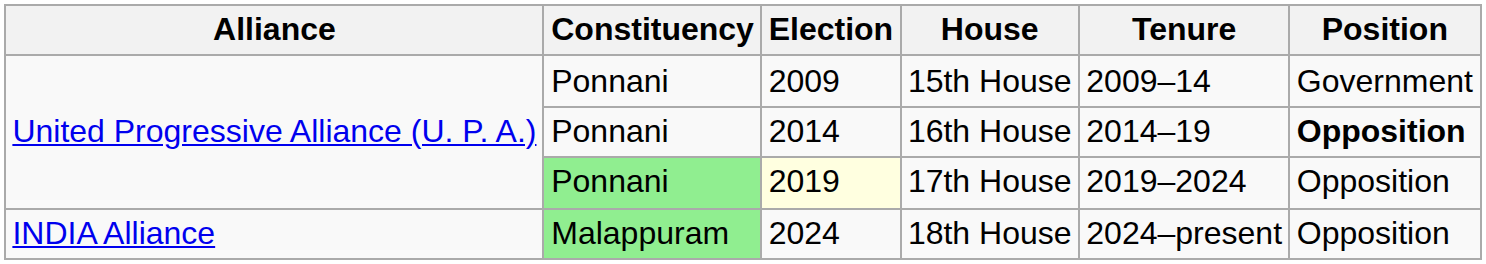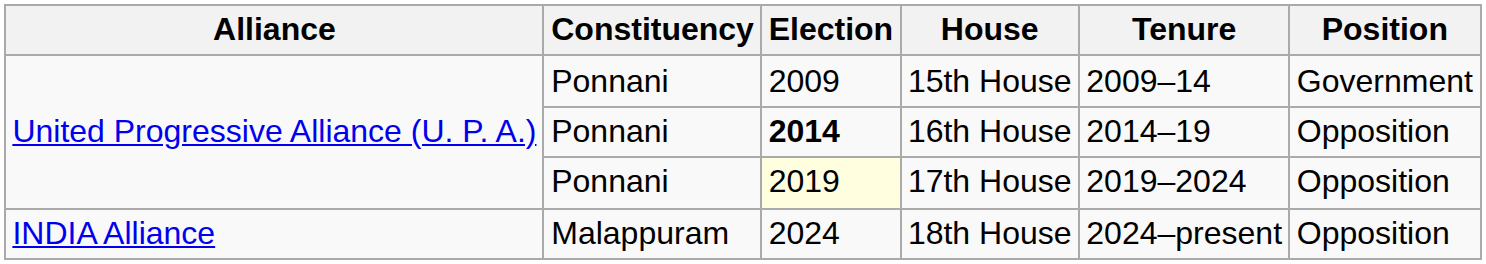 <table class="wikitable">
 <tr>
 <th>Alliance</th>
 <th>Constituency</th>
 <th>Election</th>
 <th><strong>House</strong></th>
 <th>Tenure</th>
 <th>Position</th>
 </tr>
 <tr>
 <td rowspan="3"><a href='#'>United Progressive Alliance (U. P. A.)</a></td>
 <td>Ponnani</td>
 <td>2009</td>
 <td>15th House</td>
 <td>2009–14</td>
 <td>Government</td>
 </tr>
 <tr>
 <td>Ponnani</td>
-<td>2014</td>
+<td><strong>2014</strong></td>
 <td>16th House</td>
 <td>2014–19</td>
-<td><strong>Opposition</strong></td>
+<td>Opposition</td>
 </tr>
 <tr>
-<td style="background: lightgreen;">Ponnani</td>
+<td>Ponnani</td>
 <td style="background: lightyellow;">2019</td>
 <td>17th House</td>
 <td>2019–2024</td>
 <td>Opposition</td>
 </tr>
 <tr>
 <td><a href='#'>INDIA Alliance</a></td>
-<td style="background: lightgreen;">Malappuram</td>
+<td>Malappuram</td>
 <td>2024</td>
 <td>18th House</td>
 <td>2024–present</td>
 <td>Opposition</td>
 </tr>
 </table>
